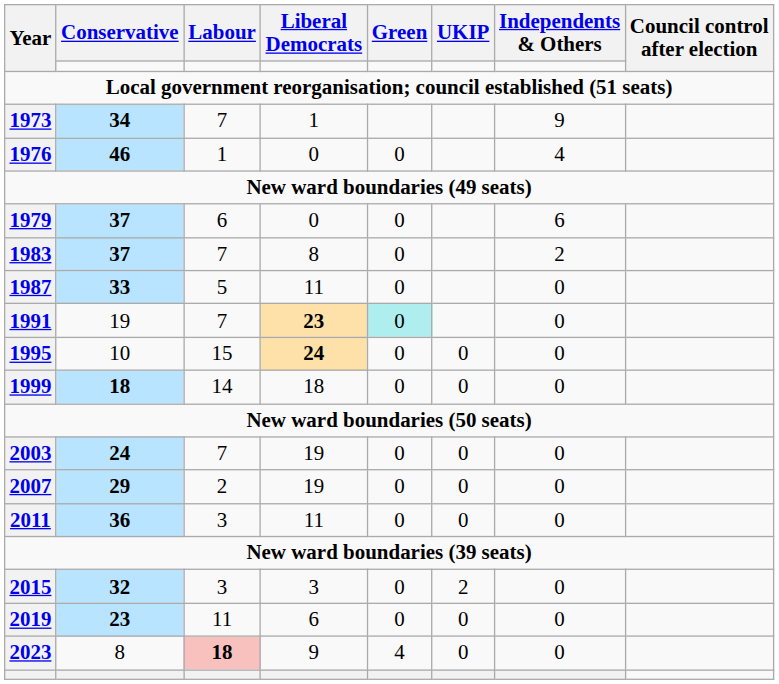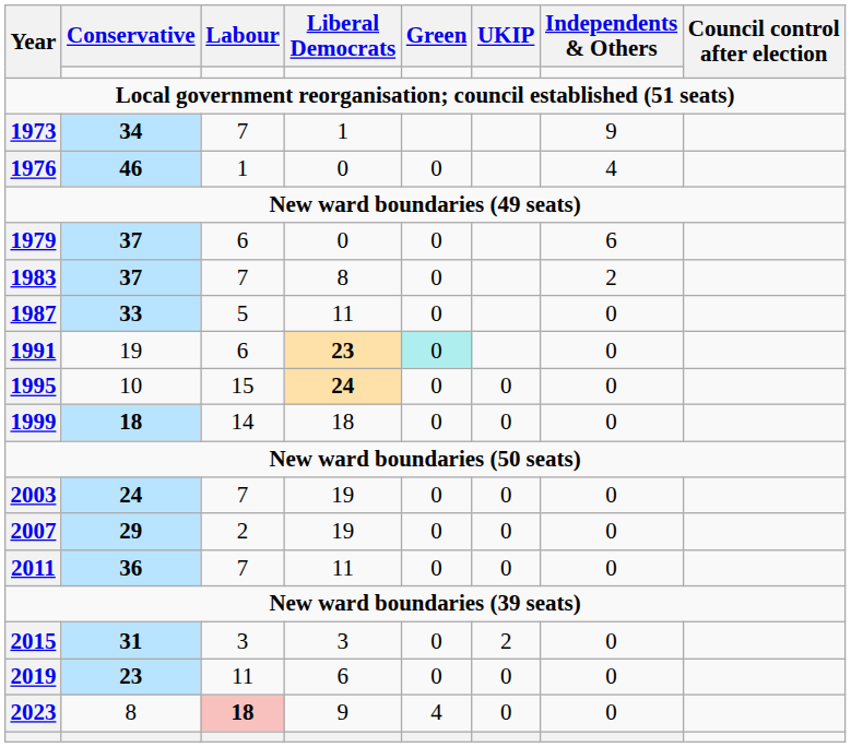 <table class="wikitable plainrowheaders" style="text-align:center">
 <tr>
 <th scope="col" rowspan="2">Year</th>
 <th scope="col"><a href='#'>Conservative</a></th>
 <th scope="col"><a href='#'>Labour</a></th>
 <th scope="col" style="width:1px"><a href='#'>Liberal Democrats</a></th>
 <th scope="col"><a href='#'>Green</a></th>
 <th scope="col"><a href='#'>UKIP</a></th>
 <th scope="col"><a href='#'>Independents</a><br>& Others</th>
 <th scope="col" rowspan="2" colspan="2">Council control<br>after election</th>
 </tr>
 <tr>
 <td style="background:"></td>
 <td style="background:"></td>
 <td style="background:"></td>
 <td style="background:"></td>
 <td style="background:"></td>
 <td style="background:"></td>
 </tr>
 <tr>
 <td colspan="9"><strong>Local government reorganisation; council established (51 seats)</strong></td>
 </tr>
 <tr>
 <th scope="row"><a href='#'>1973</a></th>
 <td style="background:#B9E4FF;"><strong>34</strong></td>
 <td>7</td>
 <td>1</td>
 <td></td>
 <td></td>
 <td>9</td>
 <td></td>
 </tr>
 <tr>
 <th scope="row"><a href='#'>1976</a></th>
 <td style="background:#B9E4FF;"><strong>46</strong></td>
 <td>1</td>
 <td>0</td>
 <td>0</td>
 <td></td>
 <td>4</td>
 <td></td>
 </tr>
 <tr>
 <td colspan="9"><strong>New ward boundaries (49 seats)</strong></td>
 </tr>
 <tr>
 <th scope="row"><a href='#'>1979</a></th>
 <td style="background:#B9E4FF;"><strong>37</strong></td>
 <td>6</td>
 <td>0</td>
 <td>0</td>
 <td></td>
 <td>6</td>
 <td></td>
 </tr>
 <tr>
 <th scope="row"><a href='#'>1983</a></th>
 <td style="background:#B9E4FF;"><strong>37</strong></td>
 <td>7</td>
 <td>8</td>
 <td>0</td>
 <td></td>
 <td>2</td>
 <td></td>
 </tr>
 <tr>
 <th scope="row"><a href='#'>1987</a></th>
 <td style="background:#B9E4FF;"><strong>33</strong></td>
 <td>5</td>
 <td>11</td>
 <td>0</td>
 <td></td>
 <td>0</td>
 <td></td>
 </tr>
 <tr>
 <th scope="row"><a href='#'>1991</a></th>
 <td>19</td>
-<td>7</td>
+<td>6</td>
 <td style="background:#FEE1A8"><strong>23</strong></td>
 <td style="background: paleturquoise;">0</td>
 <td></td>
 <td>0</td>
 <td></td>
 </tr>
 <tr>
 <th scope="row"><a href='#'>1995</a></th>
 <td>10</td>
 <td>15</td>
 <td style="background:#FEE1A8"><strong>24</strong></td>
 <td>0</td>
 <td>0</td>
 <td>0</td>
 <td></td>
 </tr>
 <tr>
 <th scope="row"><a href='#'>1999</a></th>
 <td style="background:#B9E4FF;"><strong>18</strong></td>
 <td>14</td>
 <td>18</td>
 <td>0</td>
 <td>0</td>
 <td>0</td>
 <td></td>
 </tr>
 <tr>
 <td colspan="9"><strong>New ward boundaries (50 seats)</strong></td>
 </tr>
 <tr>
 <th scope="row"><a href='#'>2003</a></th>
 <td style="background:#B9E4FF;"><strong>24</strong></td>
 <td>7</td>
 <td>19</td>
 <td>0</td>
 <td>0</td>
 <td>0</td>
 <td></td>
 </tr>
 <tr>
 <th scope="row"><a href='#'>2007</a></th>
 <td style="background:#B9E4FF;"><strong>29</strong></td>
 <td>2</td>
 <td>19</td>
 <td>0</td>
 <td>0</td>
 <td>0</td>
 <td></td>
 </tr>
 <tr>
 <th scope="row"><a href='#'>2011</a></th>
 <td style="background:#B9E4FF;"><strong>36</strong></td>
-<td>3</td>
+<td>7</td>
 <td>11</td>
 <td>0</td>
 <td>0</td>
 <td>0</td>
 <td></td>
 </tr>
 <tr>
 <td colspan="9"><strong>New ward boundaries (39 seats)</strong></td>
 </tr>
 <tr>
 <th scope="row"><a href='#'>2015</a></th>
-<td style="background:#B9E4FF;"><strong>32</strong></td>
+<td style="background:#B9E4FF;"><strong>31</strong></td>
 <td>3</td>
 <td>3</td>
 <td>0</td>
 <td>2</td>
 <td>0</td>
 <td></td>
 </tr>
 <tr>
 <th scope="row"><a href='#'>2019</a></th>
 <td style="background:#B9E4FF;"><strong>23</strong></td>
 <td>11</td>
 <td>6</td>
 <td>0</td>
 <td>0</td>
 <td>0</td>
 <td></td>
 </tr>
 <tr>
 <th scope="row"><a href='#'>2023</a></th>
 <td>8</td>
 <td style="background:#F8C1BE;"><strong>18</strong></td>
 <td>9</td>
 <td>4</td>
 <td>0</td>
 <td>0</td>
 <td></td>
 </tr>
 <tr>
 <th></th>
 <th style="background-color: "></th>
 <th style="background-color: "></th>
 <th style="background-color: "></th>
 <th style="background-color: "></th>
 <th style="background-color: "></th>
 <th style="background-color: "></th>
 </tr>
 </table>
